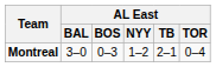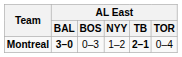 <table class="wikitable" style="text-align:center; font-size: 95%;">
 <tr>
 <th rowspan=2>Team</th>
 <th colspan=5>AL East</th>
 </tr>
 <tr>
 <th><strong>BAL</strong></th>
 <th><strong>BOS</strong></th>
 <th><strong>NYY</strong></th>
 <th><strong>TB</strong></th>
 <th><strong>TOR</strong></th>
 </tr>
 <tr>
 <td><strong>Montreal</strong></td>
-<td>3–0</td>
+<td><strong>3–0</strong></td>
 <td>0–3</td>
 <td>1–2</td>
-<td>2–1</td>
+<td><strong>2–1</strong></td>
 <td>0–4</td>
 </tr>
 </table>
